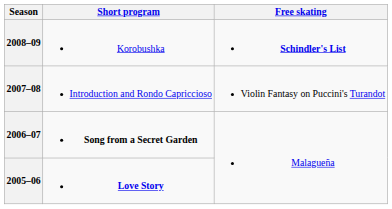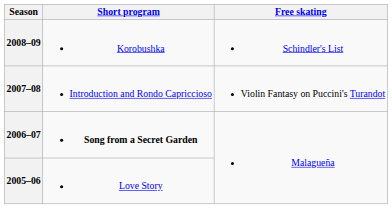 <table class=wikitable style=text-align:center>
 <tr>
 <th>Season</th>
 <th><a href='#'>Short program</a></th>
 <th><a href='#'>Free skating</a></th>
 </tr>
 <tr>
 <th>2008–09 <br> </th>
 <td><br><ul><li><a href='#'>Korobushka</a> <br></li></ul></td>
-<td><strong><br><ul><li><a href='#'>Schindler's List</a> <br></li></ul></strong></td>
+<td><br><ul><li><a href='#'>Schindler's List</a> <br></li></ul></td>
 </tr>
 <tr>
 <th>2007–08 <br> </th>
 <td><br><ul><li><a href='#'>Introduction and Rondo Capriccioso</a> <br></li></ul></td>
 <td><br><ul><li>Violin Fantasy on Puccini's <a href='#'>Turandot</a> <br></li></ul></td>
 </tr>
 <tr>
 <th>2006–07 <br> </th>
 <td><strong><br><ul><li>Song from a Secret Garden <br></li></ul></strong></td>
 <td rowspan=2><br><ul><li><a href='#'>Malagueña</a> <br></li></ul></td>
 </tr>
 <tr>
 <th>2005–06 <br> </th>
-<td><strong><br><ul><li><a href='#'>Love Story</a> <br></li></ul></strong></td>
+<td><br><ul><li><a href='#'>Love Story</a> <br></li></ul></td>
 </tr>
 </table>
